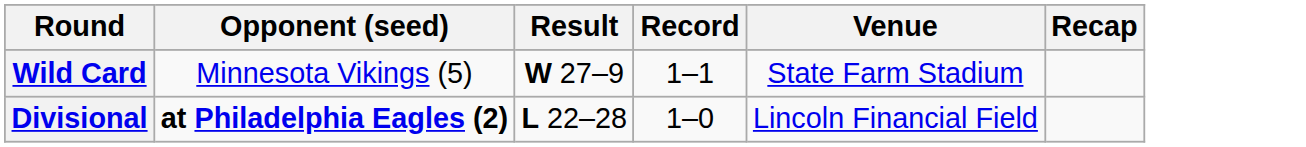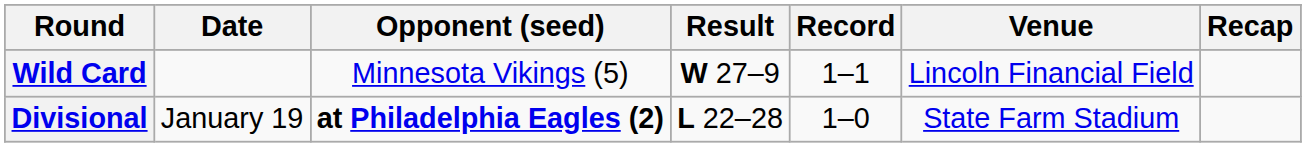 <table class="wikitable" style="text-align:center">
 <tr>
 <th>Round</th>
+<th>Date</th>
 <th>Opponent (seed)</th>
 <th>Result</th>
 <th>Record</th>
 <th>Venue</th>
 <th>Recap</th>
 </tr>
 <tr>
 <th><a href='#'>Wild Card</a></th>
+<td></td>
 <td><a href='#'>Minnesota Vikings</a> (5)</td>
 <td><strong>W</strong> 27–9</td>
 <td>1–1</td>
-<td><a href='#'>State Farm Stadium</a></td>
+<td><a href='#'>Lincoln Financial Field</a></td>
 <td></td>
 </tr>
 <tr>
 <th><a href='#'>Divisional</a></th>
+<td>January 19</td>
 <td><strong>at <a href='#'>Philadelphia Eagles</a> (2)</strong></td>
 <td><strong>L</strong> 22–28</td>
 <td>1–0</td>
-<td><a href='#'>Lincoln Financial Field</a></td>
+<td><a href='#'>State Farm Stadium</a></td>
 <td></td>
 </tr>
 </table>
